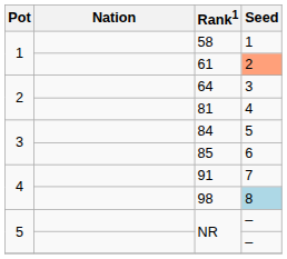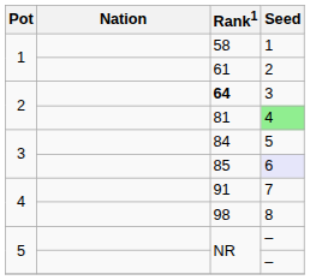 <table class="wikitable">
 <tr>
 <th>Pot</th>
 <th width="175">Nation</th>
 <th>Rank<sup>1</sup></th>
 <th>Seed</th>
 </tr>
 <tr>
 <td rowspan=2 style="text-align:center;">1</td>
 <td></td>
 <td>58</td>
 <td>1</td>
 </tr>
 <tr>
 <td></td>
 <td>61</td>
-<td style="background: lightsalmon;">2</td>
+<td>2</td>
 </tr>
 <tr>
 <td rowspan=2 style="text-align:center;">2</td>
 <td></td>
-<td>64</td>
+<td><strong>64</strong></td>
 <td>3</td>
 </tr>
 <tr>
 <td></td>
 <td>81</td>
-<td>4</td>
+<td style="background: lightgreen;">4</td>
 </tr>
 <tr>
 <td rowspan=2 style="text-align:center;">3</td>
 <td></td>
 <td>84</td>
 <td>5</td>
 </tr>
 <tr>
 <td></td>
 <td>85</td>
-<td>6</td>
+<td style="background: lavender;">6</td>
 </tr>
 <tr>
 <td rowspan=2 style="text-align:center;">4</td>
 <td></td>
 <td>91</td>
 <td>7</td>
 </tr>
 <tr>
 <td></td>
 <td>98</td>
-<td style="background: lightblue;">8</td>
+<td>8</td>
 </tr>
 <tr>
 <td rowspan=2 style="text-align:center;">5</td>
 <td></td>
 <td rowspan=2>NR</td>
 <td>–</td>
 </tr>
 <tr>
 <td></td>
 <td>–</td>
 </tr>
 <tr>
 </tr>
 </table>
